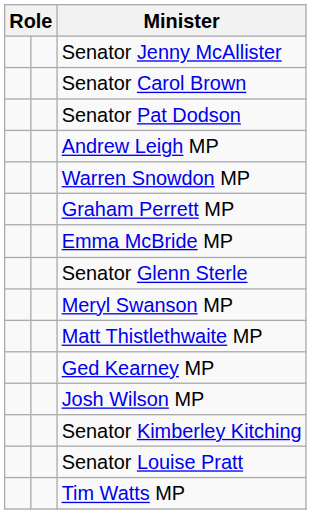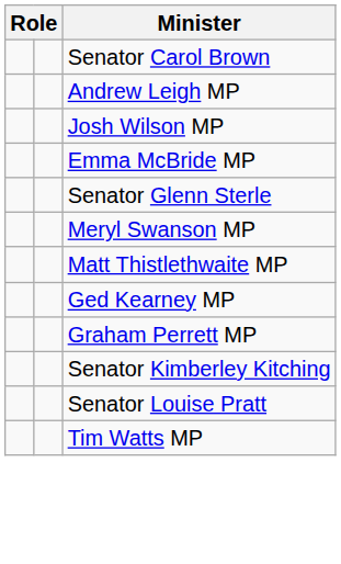 <table class="wikitable" style="text-align:left; font-size:95%">
 <tr>
 <th colspan=2>Role</th>
 <th>Minister</th>
-</tr>
-<tr>
-<td style="background-color: "></td>
-<td></td>
-<td>Senator <a href='#'>Jenny McAllister</a></td>
 </tr>
 <tr>
 <td style="background-color: "></td>
 <td></td>
 <td>Senator <a href='#'>Carol Brown</a></td>
 </tr>
 <tr>
 <td style="background-color: "></td>
 <td></td>
-<td>Senator <a href='#'>Pat Dodson</a></td>
-</tr>
-<tr>
-<td style="background-color: "></td>
-<td></td>
 <td><a href='#'>Andrew Leigh</a> MP</td>
 </tr>
 <tr>
 <td style="background-color: "></td>
 <td></td>
-<td><a href='#'>Warren Snowdon</a> MP</td>
-</tr>
-<tr>
-<td style="background-color: "></td>
-<td></td>
-<td><a href='#'>Graham Perrett</a> MP</td>
+<td><a href='#'>Josh Wilson</a> MP</td>
 </tr>
 <tr>
 <td style="background-color: "></td>
 <td></td>
 <td><a href='#'>Emma McBride</a> MP</td>
 </tr>
 <tr>
 <td style="background-color: "></td>
 <td></td>
 <td>Senator <a href='#'>Glenn Sterle</a></td>
 </tr>
 <tr>
 <td style="background-color: "></td>
 <td></td>
 <td><a href='#'>Meryl Swanson</a> MP</td>
 </tr>
 <tr>
 <td style="background-color: "></td>
 <td></td>
 <td><a href='#'>Matt Thistlethwaite</a> MP</td>
 </tr>
 <tr>
 <td style="background-color: "></td>
 <td></td>
 <td><a href='#'>Ged Kearney</a> MP</td>
 </tr>
 <tr>
 <td style="background-color: "></td>
 <td></td>
-<td><a href='#'>Josh Wilson</a> MP</td>
+<td><a href='#'>Graham Perrett</a> MP</td>
 </tr>
 <tr>
 <td style="background-color: "></td>
 <td></td>
 <td>Senator <a href='#'>Kimberley Kitching</a></td>
 </tr>
 <tr>
 <td style="background-color: "></td>
 <td></td>
 <td>Senator <a href='#'>Louise Pratt</a></td>
 </tr>
 <tr>
 <td style="background-color: "></td>
 <td></td>
 <td><a href='#'>Tim Watts</a> MP</td>
 </tr>
 </table>
